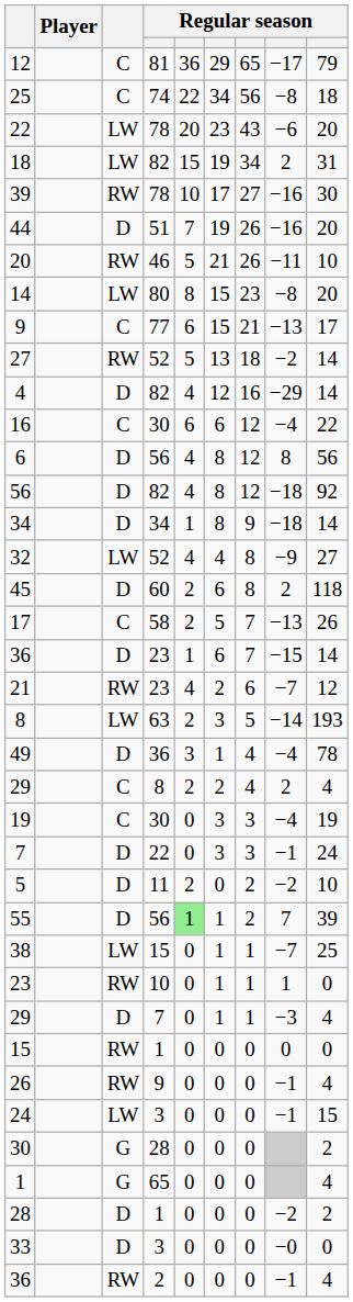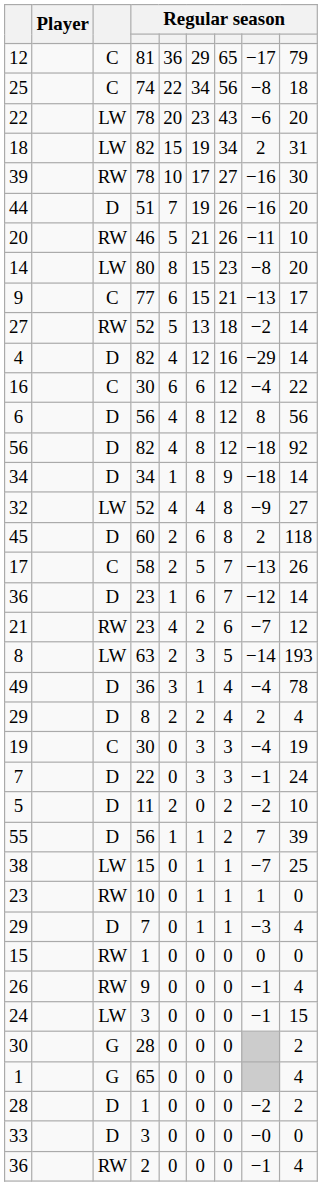 <table class="wikitable sortable plainrowheaders" style="text-align:center;">
 <tr>
 <th scope="col" data-sort-type="number" rowspan="2"></th>
 <th scope="col" rowspan="2">Player</th>
 <th scope="col" rowspan="2"></th>
 <th scope=colgroup colspan=6>Regular season</th>
 </tr>
 <tr>
 <th scope="col" data-sort-type="number"></th>
 <th scope="col" data-sort-type="number"></th>
 <th scope="col" data-sort-type="number"></th>
 <th scope="col" data-sort-type="number"></th>
 <th scope="col" data-sort-type="number"></th>
 <th scope="col" data-sort-type="number"></th>
 </tr>
 <tr>
 <td scope="row">12</td>
 <td align="left"></td>
 <td>C</td>
 <td>81</td>
 <td>36</td>
 <td>29</td>
 <td>65</td>
 <td>−17</td>
 <td>79</td>
 </tr>
 <tr>
 <td scope="row">25</td>
 <td align="left"></td>
 <td>C</td>
 <td>74</td>
 <td>22</td>
 <td>34</td>
 <td>56</td>
 <td>−8</td>
 <td>18</td>
 </tr>
 <tr>
 <td scope="row">22</td>
 <td align="left"></td>
 <td>LW</td>
 <td>78</td>
 <td>20</td>
 <td>23</td>
 <td>43</td>
 <td>−6</td>
 <td>20</td>
 </tr>
 <tr>
 <td scope="row">18</td>
 <td align="left"></td>
 <td>LW</td>
 <td>82</td>
 <td>15</td>
 <td>19</td>
 <td>34</td>
 <td>2</td>
 <td>31</td>
 </tr>
 <tr>
 <td scope="row">39</td>
 <td align="left"></td>
 <td>RW</td>
 <td>78</td>
 <td>10</td>
 <td>17</td>
 <td>27</td>
 <td>−16</td>
 <td>30</td>
 </tr>
 <tr>
 <td scope="row">44</td>
 <td align="left"></td>
 <td>D</td>
 <td>51</td>
 <td>7</td>
 <td>19</td>
 <td>26</td>
 <td>−16</td>
 <td>20</td>
 </tr>
 <tr>
 <td scope="row">20</td>
 <td align="left"></td>
 <td>RW</td>
 <td>46</td>
 <td>5</td>
 <td>21</td>
 <td>26</td>
 <td>−11</td>
 <td>10</td>
 </tr>
 <tr>
 <td scope="row">14</td>
 <td align="left"></td>
 <td>LW</td>
 <td>80</td>
 <td>8</td>
 <td>15</td>
 <td>23</td>
 <td>−8</td>
 <td>20</td>
 </tr>
 <tr>
 <td scope="row">9</td>
 <td align="left"></td>
 <td>C</td>
 <td>77</td>
 <td>6</td>
 <td>15</td>
 <td>21</td>
 <td>−13</td>
 <td>17</td>
 </tr>
 <tr>
 <td scope="row">27</td>
 <td align="left"></td>
 <td>RW</td>
 <td>52</td>
 <td>5</td>
 <td>13</td>
 <td>18</td>
 <td>−2</td>
 <td>14</td>
 </tr>
 <tr>
 <td scope="row">4</td>
 <td align="left"></td>
 <td>D</td>
 <td>82</td>
 <td>4</td>
 <td>12</td>
 <td>16</td>
 <td>−29</td>
 <td>14</td>
 </tr>
 <tr>
 <td scope="row">16</td>
 <td align="left"></td>
 <td>C</td>
 <td>30</td>
 <td>6</td>
 <td>6</td>
 <td>12</td>
 <td>−4</td>
 <td>22</td>
 </tr>
 <tr>
 <td scope="row">6</td>
 <td align="left"></td>
 <td>D</td>
 <td>56</td>
 <td>4</td>
 <td>8</td>
 <td>12</td>
 <td>8</td>
 <td>56</td>
 </tr>
 <tr>
 <td scope="row">56</td>
 <td align="left"></td>
 <td>D</td>
 <td>82</td>
 <td>4</td>
 <td>8</td>
 <td>12</td>
 <td>−18</td>
 <td>92</td>
 </tr>
 <tr>
 <td scope="row">34</td>
 <td align="left"></td>
 <td>D</td>
 <td>34</td>
 <td>1</td>
 <td>8</td>
 <td>9</td>
 <td>−18</td>
 <td>14</td>
 </tr>
 <tr>
 <td scope="row">32</td>
 <td align="left"></td>
 <td>LW</td>
 <td>52</td>
 <td>4</td>
 <td>4</td>
 <td>8</td>
 <td>−9</td>
 <td>27</td>
 </tr>
 <tr>
 <td scope="row">45</td>
 <td align="left"></td>
 <td>D</td>
 <td>60</td>
 <td>2</td>
 <td>6</td>
 <td>8</td>
 <td>2</td>
 <td>118</td>
 </tr>
 <tr>
 <td scope="row">17</td>
 <td align="left"></td>
 <td>C</td>
 <td>58</td>
 <td>2</td>
 <td>5</td>
 <td>7</td>
 <td>−13</td>
 <td>26</td>
 </tr>
 <tr>
 <td scope="row">36</td>
 <td align="left"></td>
 <td>D</td>
 <td>23</td>
 <td>1</td>
 <td>6</td>
 <td>7</td>
-<td>−15</td>
+<td>−12</td>
 <td>14</td>
 </tr>
 <tr>
 <td scope="row">21</td>
 <td align="left"></td>
 <td>RW</td>
 <td>23</td>
 <td>4</td>
 <td>2</td>
 <td>6</td>
 <td>−7</td>
 <td>12</td>
 </tr>
 <tr>
 <td scope="row">8</td>
 <td align="left"></td>
 <td>LW</td>
 <td>63</td>
 <td>2</td>
 <td>3</td>
 <td>5</td>
 <td>−14</td>
 <td>193</td>
 </tr>
 <tr>
 <td scope="row">49</td>
 <td align="left"></td>
 <td>D</td>
 <td>36</td>
 <td>3</td>
 <td>1</td>
 <td>4</td>
 <td>−4</td>
 <td>78</td>
 </tr>
 <tr>
 <td scope="row">29</td>
 <td align="left"></td>
-<td>C</td>
+<td>D</td>
 <td>8</td>
 <td>2</td>
 <td>2</td>
 <td>4</td>
 <td>2</td>
 <td>4</td>
 </tr>
 <tr>
 <td scope="row">19</td>
 <td align="left"></td>
 <td>C</td>
 <td>30</td>
 <td>0</td>
 <td>3</td>
 <td>3</td>
 <td>−4</td>
 <td>19</td>
 </tr>
 <tr>
 <td scope="row">7</td>
 <td align="left"></td>
 <td>D</td>
 <td>22</td>
 <td>0</td>
 <td>3</td>
 <td>3</td>
 <td>−1</td>
 <td>24</td>
 </tr>
 <tr>
 <td scope="row">5</td>
 <td align="left"></td>
 <td>D</td>
 <td>11</td>
 <td>2</td>
 <td>0</td>
 <td>2</td>
 <td>−2</td>
 <td>10</td>
 </tr>
 <tr>
 <td scope="row">55</td>
 <td align="left"></td>
 <td>D</td>
 <td>56</td>
-<td style="background: lightgreen;">1</td>
+<td>1</td>
 <td>1</td>
 <td>2</td>
 <td>7</td>
 <td>39</td>
 </tr>
 <tr>
 <td scope="row">38</td>
 <td align="left"></td>
 <td>LW</td>
 <td>15</td>
 <td>0</td>
 <td>1</td>
 <td>1</td>
 <td>−7</td>
 <td>25</td>
 </tr>
 <tr>
 <td scope="row">23</td>
 <td align="left"></td>
 <td>RW</td>
 <td>10</td>
 <td>0</td>
 <td>1</td>
 <td>1</td>
 <td>1</td>
 <td>0</td>
 </tr>
 <tr>
 <td scope="row">29</td>
 <td align="left"></td>
 <td>D</td>
 <td>7</td>
 <td>0</td>
 <td>1</td>
 <td>1</td>
 <td>−3</td>
 <td>4</td>
 </tr>
 <tr>
 <td scope="row">15</td>
 <td align="left"></td>
 <td>RW</td>
 <td>1</td>
 <td>0</td>
 <td>0</td>
 <td>0</td>
 <td>0</td>
 <td>0</td>
 </tr>
 <tr>
 <td scope="row">26</td>
 <td align="left"></td>
 <td>RW</td>
 <td>9</td>
 <td>0</td>
 <td>0</td>
 <td>0</td>
 <td>−1</td>
 <td>4</td>
 </tr>
 <tr>
 <td scope="row">24</td>
 <td align="left"></td>
 <td>LW</td>
 <td>3</td>
 <td>0</td>
 <td>0</td>
 <td>0</td>
 <td>−1</td>
 <td>15</td>
 </tr>
 <tr>
 <td scope="row">30</td>
 <td align="left"></td>
 <td>G</td>
 <td>28</td>
 <td>0</td>
 <td>0</td>
 <td>0</td>
 <td style="background:#ccc"></td>
 <td>2</td>
 </tr>
 <tr>
 <td scope="row">1</td>
 <td align="left"></td>
 <td>G</td>
 <td>65</td>
 <td>0</td>
 <td>0</td>
 <td>0</td>
 <td style="background:#ccc"></td>
 <td>4</td>
 </tr>
 <tr>
 <td scope="row">28</td>
 <td align="left"></td>
 <td>D</td>
 <td>1</td>
 <td>0</td>
 <td>0</td>
 <td>0</td>
 <td>−2</td>
 <td>2</td>
 </tr>
 <tr>
 <td scope="row">33</td>
 <td align="left"></td>
 <td>D</td>
 <td>3</td>
 <td>0</td>
 <td>0</td>
 <td>0</td>
 <td>−0</td>
 <td>0</td>
 </tr>
 <tr>
 <td scope="row">36</td>
 <td align="left"></td>
 <td>RW</td>
 <td>2</td>
 <td>0</td>
 <td>0</td>
 <td>0</td>
 <td>−1</td>
 <td>4</td>
 </tr>
 </table>
